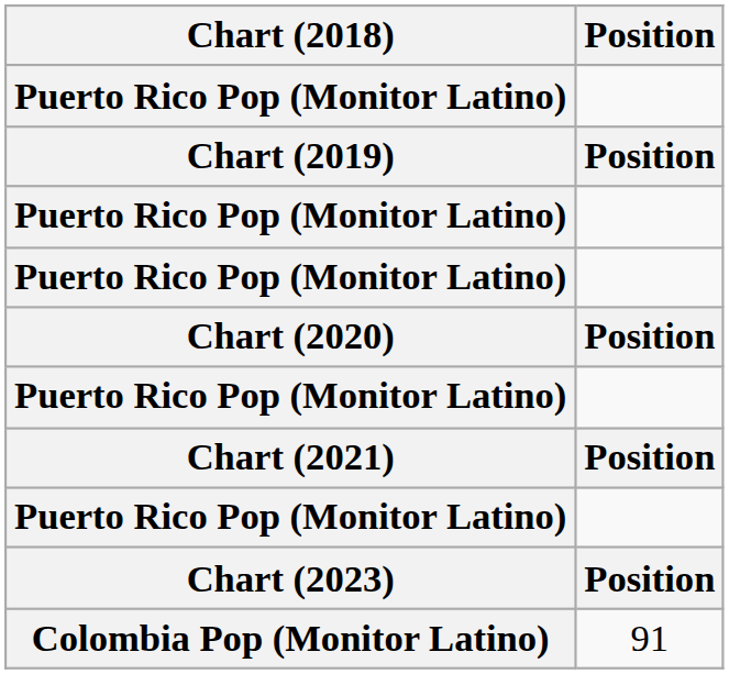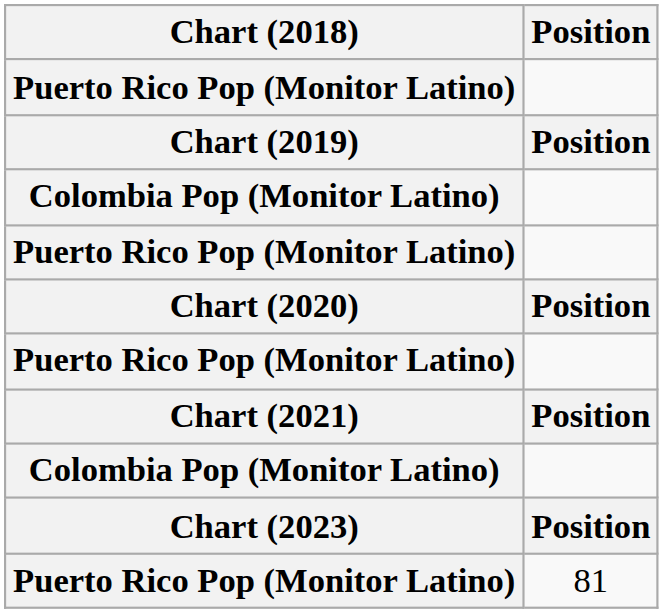 <table class="wikitable plainrowheaders sortable" style="text-align:center">
 <tr>
 <th>Chart (2018)</th>
 <th>Position</th>
 </tr>
 <tr>
 <th scope="row">Puerto Rico Pop (Monitor Latino)</th>
 <td></td>
 </tr>
 <tr>
 <th>Chart (2019)</th>
 <th>Position</th>
 </tr>
 <tr>
-<th scope="row">Puerto Rico Pop (Monitor Latino)</th>
+<th scope="row">Colombia Pop (Monitor Latino)</th>
 <td></td>
 </tr>
 <tr>
 <th scope="row">Puerto Rico Pop (Monitor Latino)</th>
 <td></td>
 </tr>
 <tr>
 <th>Chart (2020)</th>
 <th>Position</th>
 </tr>
 <tr>
 <th scope="row">Puerto Rico Pop (Monitor Latino)</th>
 <td></td>
 </tr>
 <tr>
 <th>Chart (2021)</th>
 <th>Position</th>
 </tr>
 <tr>
-<th scope="row">Puerto Rico Pop (Monitor Latino)</th>
+<th scope="row">Colombia Pop (Monitor Latino)</th>
 <td></td>
 </tr>
 <tr>
 <th>Chart (2023)</th>
 <th>Position</th>
 </tr>
 <tr>
-<th scope="row">Colombia Pop (Monitor Latino)</th>
-<td>91</td>
+<th scope="row">Puerto Rico Pop (Monitor Latino)</th>
+<td>81</td>
 </tr>
 </table>
